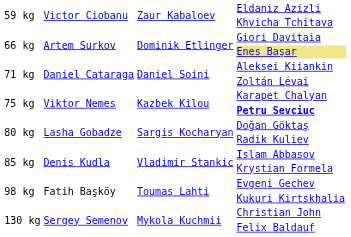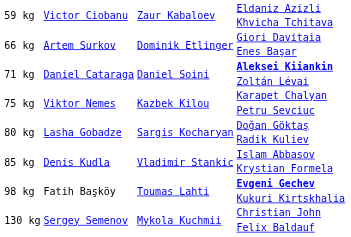 <table>
 <tr>
 <td rowspan=2>59 kg</td>
 <td rowspan=2> <a href='#'>Victor Ciobanu</a></td>
 <td rowspan=2> <a href='#'>Zaur Kabaloev</a></td>
 <td> <a href='#'>Eldaniz Azizli</a></td>
 </tr>
 <tr>
 <td> <a href='#'>Khvicha Tchitava</a></td>
 </tr>
 <tr>
 <td rowspan=2>66 kg</td>
 <td rowspan=2> <a href='#'>Artem Surkov</a></td>
 <td rowspan=2> <a href='#'>Dominik Etlinger</a></td>
 <td> <a href='#'>Giori Davitaia</a></td>
 </tr>
 <tr>
-<td style="background: khaki;"> <a href='#'>Enes Başar</a></td>
+<td> <a href='#'>Enes Başar</a></td>
 </tr>
 <tr>
 <td rowspan=2>71 kg</td>
 <td rowspan=2> <a href='#'>Daniel Cataraga</a></td>
 <td rowspan=2> <a href='#'>Daniel Soini</a></td>
-<td> <a href='#'>Aleksei Kiiankin</a></td>
+<td><strong> <a href='#'>Aleksei Kiiankin</a></strong></td>
 </tr>
 <tr>
 <td> <a href='#'>Zoltán Lévai</a></td>
 </tr>
 <tr>
 <td rowspan=2>75 kg</td>
 <td rowspan=2> <a href='#'>Viktor Nemes</a></td>
 <td rowspan=2> <a href='#'>Kazbek Kilou</a></td>
 <td> <a href='#'>Karapet Chalyan</a></td>
 </tr>
 <tr>
-<td><strong> <a href='#'>Petru Sevciuc</a></strong></td>
+<td> <a href='#'>Petru Sevciuc</a></td>
 </tr>
 <tr>
 <td rowspan=2>80 kg</td>
 <td rowspan=2> <a href='#'>Lasha Gobadze</a></td>
 <td rowspan=2> <a href='#'>Sargis Kocharyan</a></td>
 <td> <a href='#'>Doğan Göktaş</a></td>
 </tr>
 <tr>
 <td> <a href='#'>Radik Kuliev</a></td>
 </tr>
 <tr>
 <td rowspan=2>85 kg</td>
 <td rowspan=2> <a href='#'>Denis Kudla</a></td>
 <td rowspan=2> <a href='#'>Vladimir Stankic</a></td>
 <td> <a href='#'>Islam Abbasov</a></td>
 </tr>
 <tr>
 <td> <a href='#'>Krystian Formela</a></td>
 </tr>
 <tr>
 <td rowspan=2>98 kg</td>
 <td rowspan=2> Fatih Başköy</td>
 <td rowspan=2> <a href='#'>Toumas Lahti</a></td>
-<td> <a href='#'>Evgeni Gechev</a></td>
+<td><strong> <a href='#'>Evgeni Gechev</a></strong></td>
 </tr>
 <tr>
 <td> <a href='#'>Kukuri Kirtskhalia</a></td>
 </tr>
 <tr>
 <td rowspan=2>130 kg</td>
 <td rowspan=2> <a href='#'>Sergey Semenov</a></td>
 <td rowspan=2> <a href='#'>Mykola Kuchmii</a></td>
 <td> <a href='#'>Christian John</a></td>
 </tr>
 <tr>
 <td> <a href='#'>Felix Baldauf</a></td>
 </tr>
 </table>
